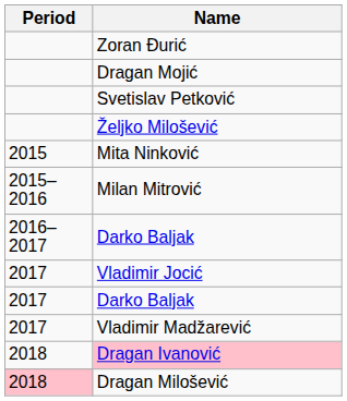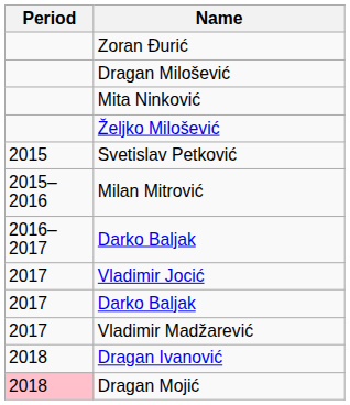 <table class="wikitable">
 <tr>
 <th width="75">Period</th>
 <th width="225">Name</th>
 </tr>
 <tr>
 <td></td>
 <td> Zoran Đurić</td>
 </tr>
 <tr>
 <td></td>
-<td> Dragan Mojić</td>
+<td> Dragan Milošević</td>
 </tr>
 <tr>
 <td></td>
-<td> Svetislav Petković</td>
+<td> Mita Ninković</td>
 </tr>
 <tr>
 <td></td>
 <td> <a href='#'>Željko Milošević</a></td>
 </tr>
 <tr>
 <td>2015</td>
-<td> Mita Ninković</td>
+<td> Svetislav Petković</td>
 </tr>
 <tr>
 <td>2015–2016</td>
 <td> Milan Mitrović</td>
 </tr>
 <tr>
 <td>2016–2017</td>
 <td> <a href='#'>Darko Baljak</a></td>
 </tr>
 <tr>
 <td>2017</td>
 <td> <a href='#'>Vladimir Jocić</a></td>
 </tr>
 <tr>
 <td>2017</td>
 <td> <a href='#'>Darko Baljak</a></td>
 </tr>
 <tr>
 <td>2017</td>
 <td> Vladimir Madžarević</td>
 </tr>
 <tr>
 <td>2018</td>
-<td style="background: pink;"> <a href='#'>Dragan Ivanović</a></td>
+<td> <a href='#'>Dragan Ivanović</a></td>
 </tr>
 <tr>
 <td style="background: pink;">2018</td>
-<td> Dragan Milošević</td>
+<td> Dragan Mojić</td>
 </tr>
 </table>
